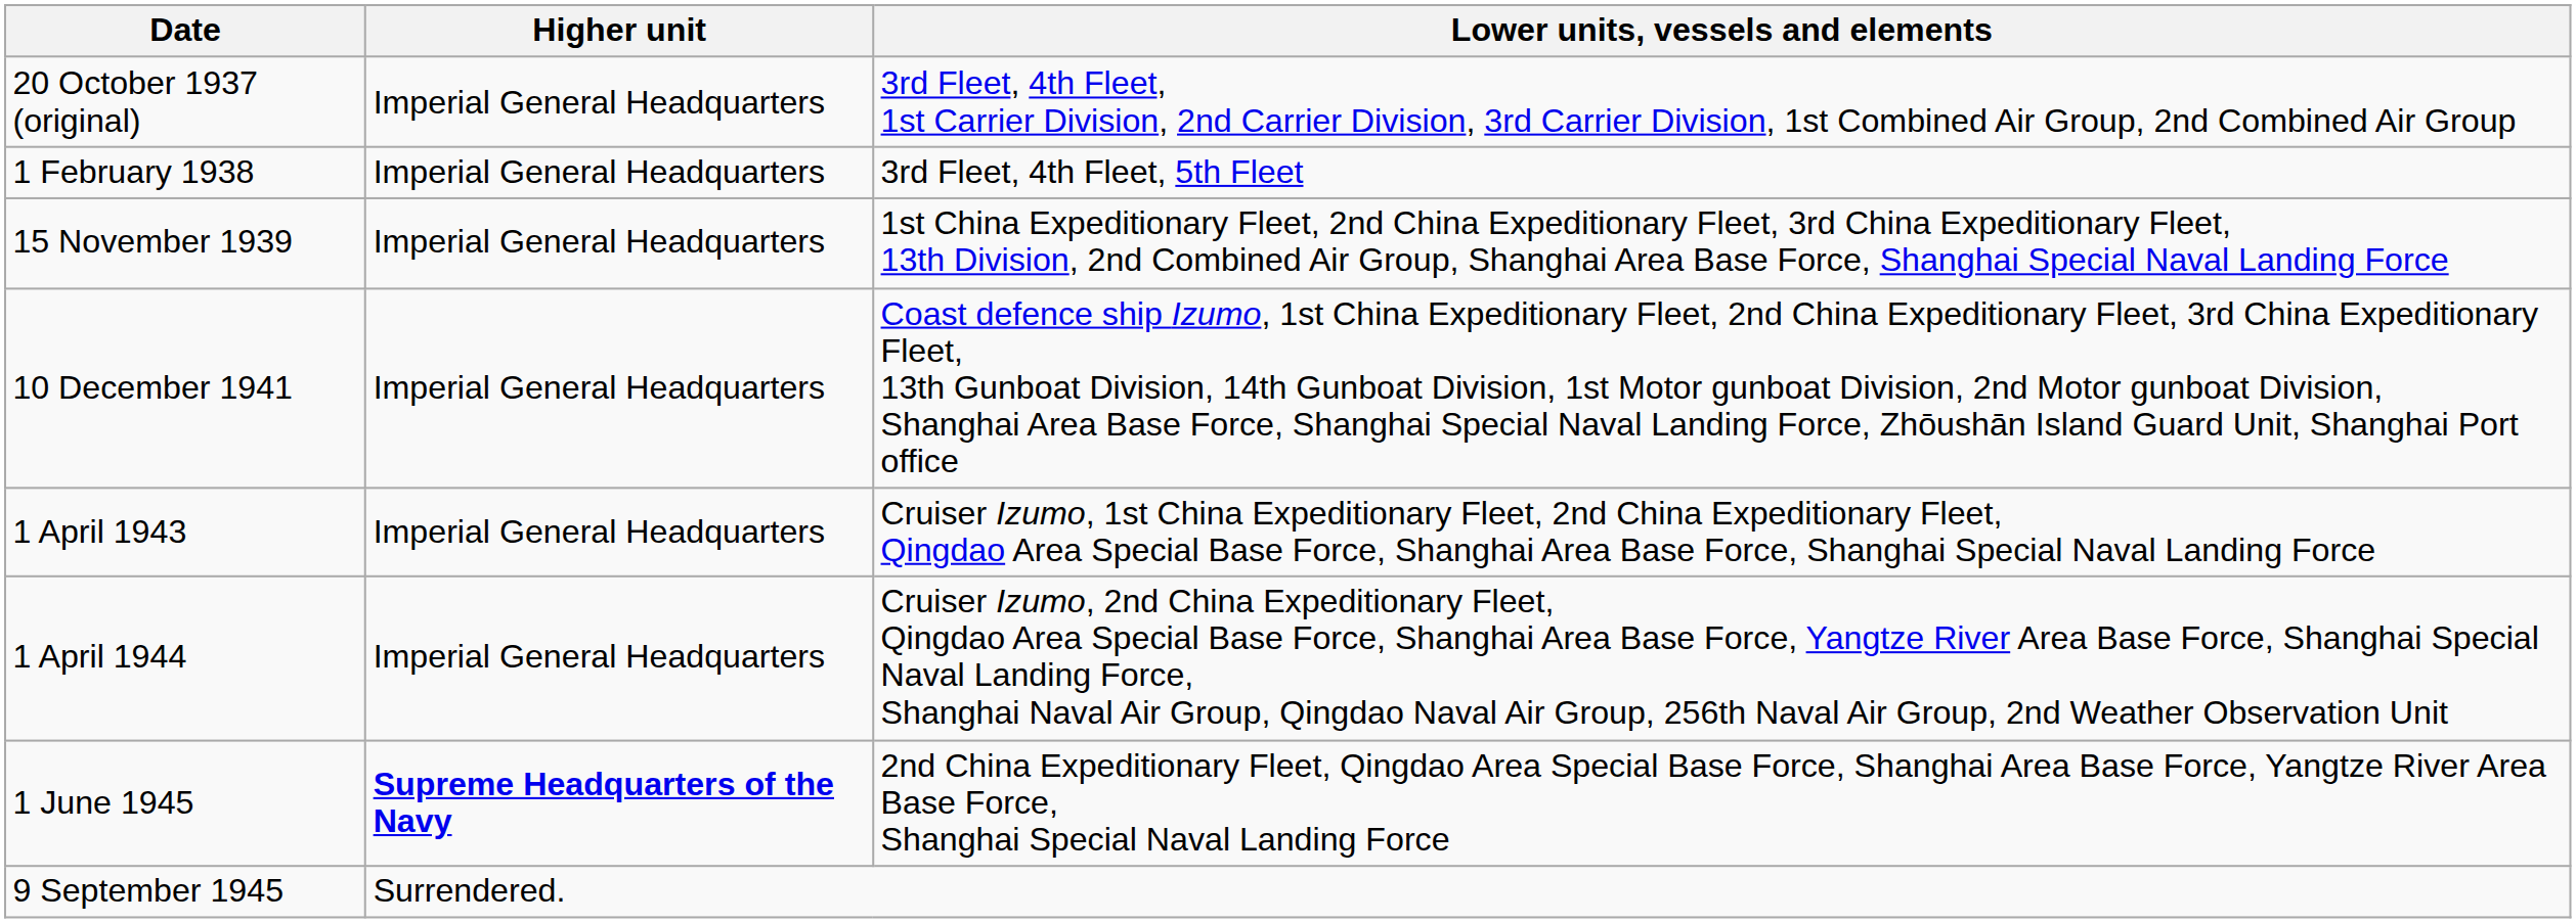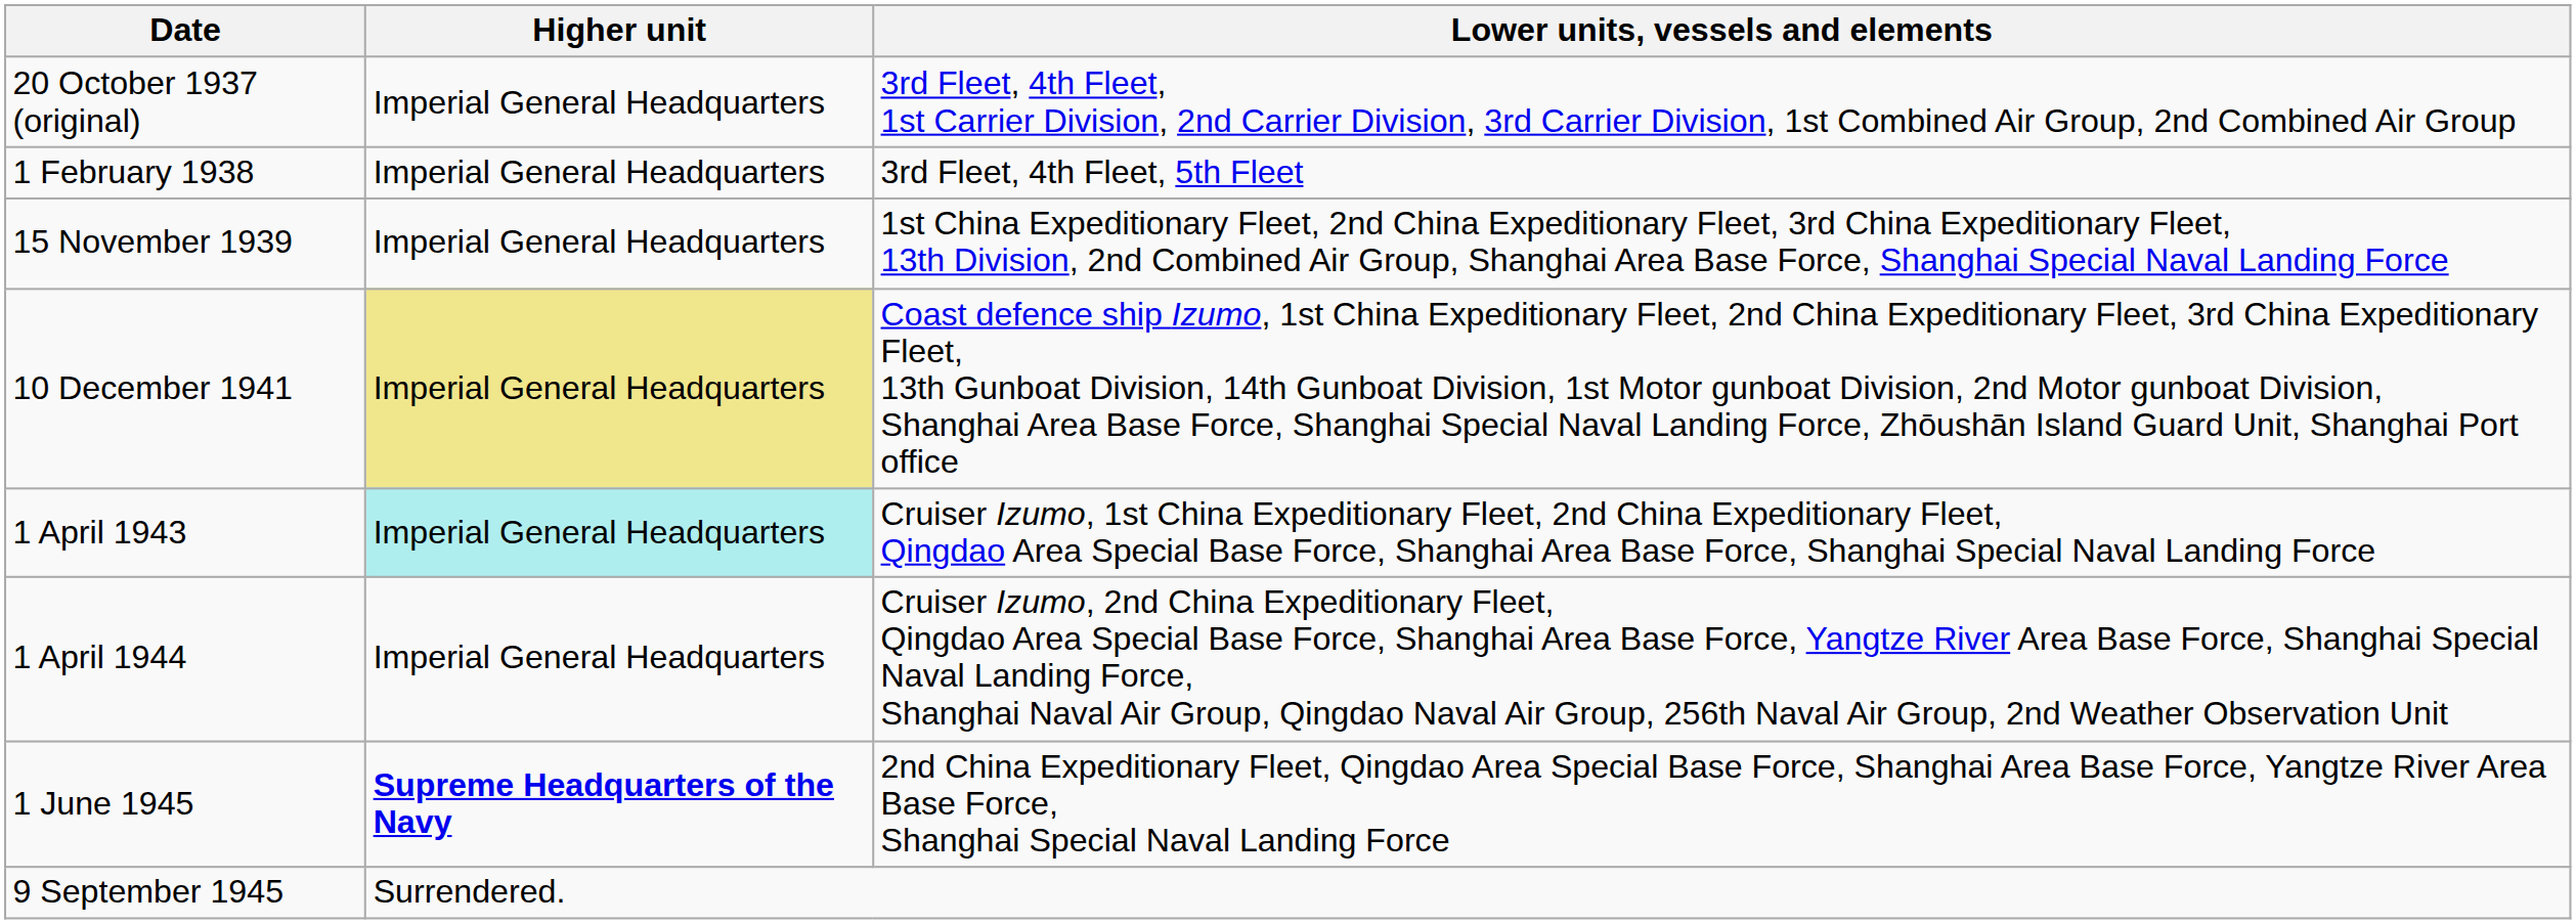 <table class="wikitable">
 <tr>
 <th>Date</th>
 <th>Higher unit</th>
 <th>Lower units, vessels and elements</th>
 </tr>
 <tr>
 <td>20 October 1937 (original)</td>
 <td>Imperial General Headquarters</td>
 <td><a href='#'>3rd Fleet</a>, <a href='#'>4th Fleet</a>,<br><a href='#'>1st Carrier Division</a>, <a href='#'>2nd Carrier Division</a>, <a href='#'>3rd Carrier Division</a>, 1st Combined Air Group, 2nd Combined Air Group</td>
 </tr>
 <tr>
 <td>1 February 1938</td>
 <td>Imperial General Headquarters</td>
 <td>3rd Fleet, 4th Fleet, <a href='#'>5th Fleet</a></td>
 </tr>
 <tr>
 <td>15 November 1939</td>
 <td>Imperial General Headquarters</td>
 <td>1st China Expeditionary Fleet, 2nd China Expeditionary Fleet, 3rd China Expeditionary Fleet, <br><a href='#'>13th Division</a>, 2nd Combined Air Group, Shanghai Area Base Force, <a href='#'>Shanghai Special Naval Landing Force</a></td>
 </tr>
 <tr>
 <td>10 December 1941</td>
-<td>Imperial General Headquarters</td>
+<td style="background: khaki;">Imperial General Headquarters</td>
 <td><a href='#'>Coast defence ship <em>Izumo</em></a>, 1st China Expeditionary Fleet, 2nd China Expeditionary Fleet, 3rd China Expeditionary Fleet, <br>13th Gunboat Division, 14th Gunboat Division, 1st Motor gunboat Division, 2nd Motor gunboat Division,<br>Shanghai Area Base Force, Shanghai Special Naval Landing Force, Zhōushān Island Guard Unit, Shanghai Port office</td>
 </tr>
 <tr>
 <td>1 April 1943</td>
-<td>Imperial General Headquarters</td>
+<td style="background: paleturquoise;">Imperial General Headquarters</td>
 <td>Cruiser <em>Izumo</em>, 1st China Expeditionary Fleet, 2nd China Expeditionary Fleet,<br><a href='#'>Qingdao</a> Area Special Base Force, Shanghai Area Base Force, Shanghai Special Naval Landing Force</td>
 </tr>
 <tr>
 <td>1 April 1944</td>
 <td>Imperial General Headquarters</td>
 <td>Cruiser <em>Izumo</em>, 2nd China Expeditionary Fleet,<br>Qingdao Area Special Base Force, Shanghai Area Base Force, <a href='#'>Yangtze River</a> Area Base Force, Shanghai Special Naval Landing Force,<br>Shanghai Naval Air Group, Qingdao Naval Air Group, 256th Naval Air Group, 2nd Weather Observation Unit</td>
 </tr>
 <tr>
 <td>1 June 1945</td>
 <td><strong><a href='#'>Supreme Headquarters of the Navy</a></strong></td>
 <td>2nd China Expeditionary Fleet, Qingdao Area Special Base Force, Shanghai Area Base Force, Yangtze River Area Base Force,<br>Shanghai Special Naval Landing Force</td>
 </tr>
 <tr>
 <td>9 September 1945</td>
 <td colspan="2">Surrendered.</td>
 </tr>
 </table>
